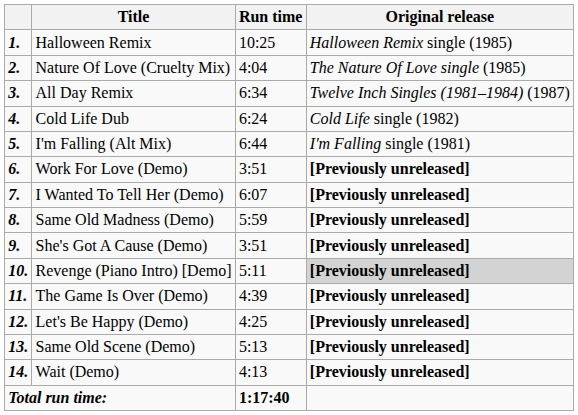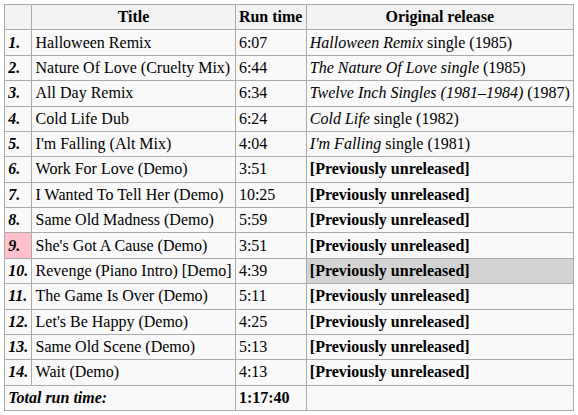 <table class="wikitable sortable">
 <tr>
 <th></th>
 <th>Title</th>
 <th>Run time</th>
 <th>Original release</th>
 </tr>
 <tr>
 <td><strong><em>1.</em></strong></td>
 <td>Halloween Remix</td>
-<td>10:25</td>
+<td>6:07</td>
 <td><em>Halloween Remix</em> single (1985)</td>
 </tr>
 <tr>
 <td><strong><em>2.</em></strong></td>
 <td>Nature Of Love (Cruelty Mix)</td>
-<td>4:04</td>
+<td>6:44</td>
 <td><em>The Nature Of Love single</em> (1985)</td>
 </tr>
 <tr>
 <td><strong><em>3.</em></strong></td>
 <td>All Day Remix</td>
 <td>6:34</td>
 <td><em>Twelve Inch Singles (1981–1984)</em> (1987)</td>
 </tr>
 <tr>
 <td><strong><em>4.</em></strong></td>
 <td>Cold Life Dub</td>
 <td>6:24</td>
 <td><em>Cold Life</em> single (1982)</td>
 </tr>
 <tr>
 <td><strong><em>5.</em></strong></td>
 <td>I'm Falling (Alt Mix)</td>
-<td>6:44</td>
+<td>4:04</td>
 <td><em>I'm Falling</em> single (1981)</td>
 </tr>
 <tr>
 <td><strong><em>6.</em></strong></td>
 <td>Work For Love (Demo)</td>
 <td>3:51</td>
 <td><strong>[Previously unreleased]</strong></td>
 </tr>
 <tr>
 <td><strong><em>7.</em></strong></td>
 <td>I Wanted To Tell Her (Demo)</td>
-<td>6:07</td>
+<td>10:25</td>
 <td><strong>[Previously unreleased]</strong></td>
 </tr>
 <tr>
 <td><strong><em>8.</em></strong></td>
 <td>Same Old Madness (Demo)</td>
 <td>5:59</td>
 <td><strong>[Previously unreleased]</strong></td>
 </tr>
 <tr>
-<td><strong><em>9.</em></strong></td>
+<td style="background: pink;"><strong><em>9.</em></strong></td>
 <td>She's Got A Cause (Demo)</td>
 <td>3:51</td>
 <td><strong>[Previously unreleased]</strong></td>
 </tr>
 <tr>
 <td><strong><em>10.</em></strong></td>
 <td>Revenge (Piano Intro) [Demo]</td>
-<td>5:11</td>
+<td>4:39</td>
 <td style="background: lightgrey;"><strong>[Previously unreleased]</strong></td>
 </tr>
 <tr>
 <td><strong><em>11.</em></strong></td>
 <td>The Game Is Over (Demo)</td>
-<td>4:39</td>
+<td>5:11</td>
 <td><strong>[Previously unreleased]</strong></td>
 </tr>
 <tr>
 <td><strong><em>12.</em></strong></td>
 <td>Let's Be Happy (Demo)</td>
 <td>4:25</td>
 <td><strong>[Previously unreleased]</strong></td>
 </tr>
 <tr>
 <td><strong><em>13.</em></strong></td>
 <td>Same Old Scene (Demo)</td>
 <td>5:13</td>
 <td><strong>[Previously unreleased]</strong></td>
 </tr>
 <tr>
 <td><strong><em>14.</em></strong></td>
 <td>Wait (Demo)</td>
 <td>4:13</td>
 <td><strong>[Previously unreleased]</strong></td>
 </tr>
 <tr>
 <td colspan="2"><strong><em>Total run time:</em></strong></td>
 <td><strong>1:17:40</strong></td>
 <td></td>
 </tr>
 </table>
